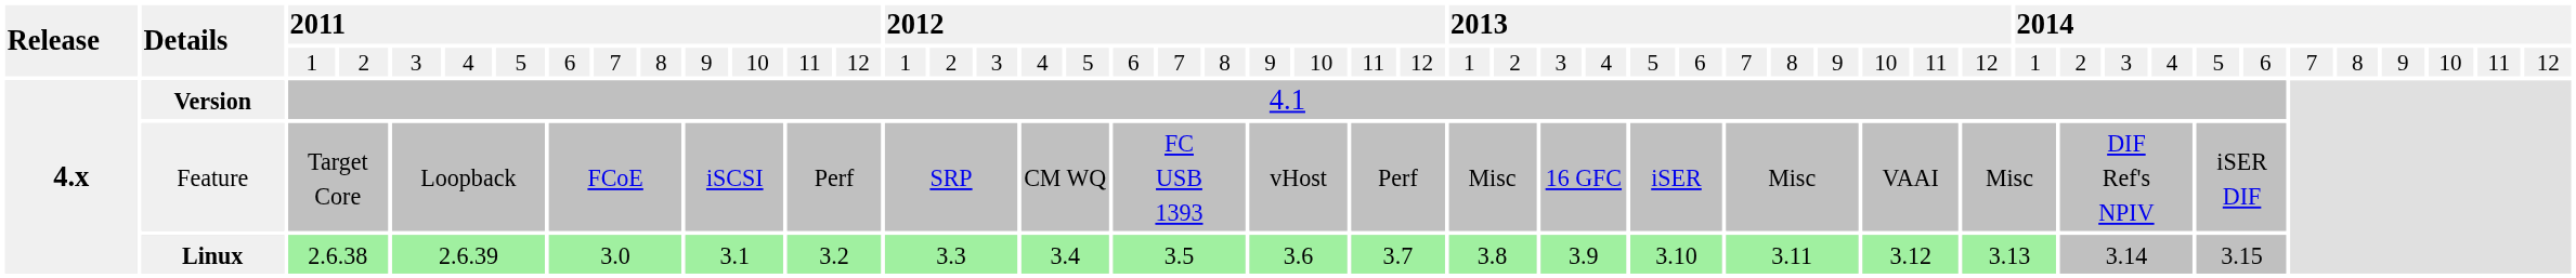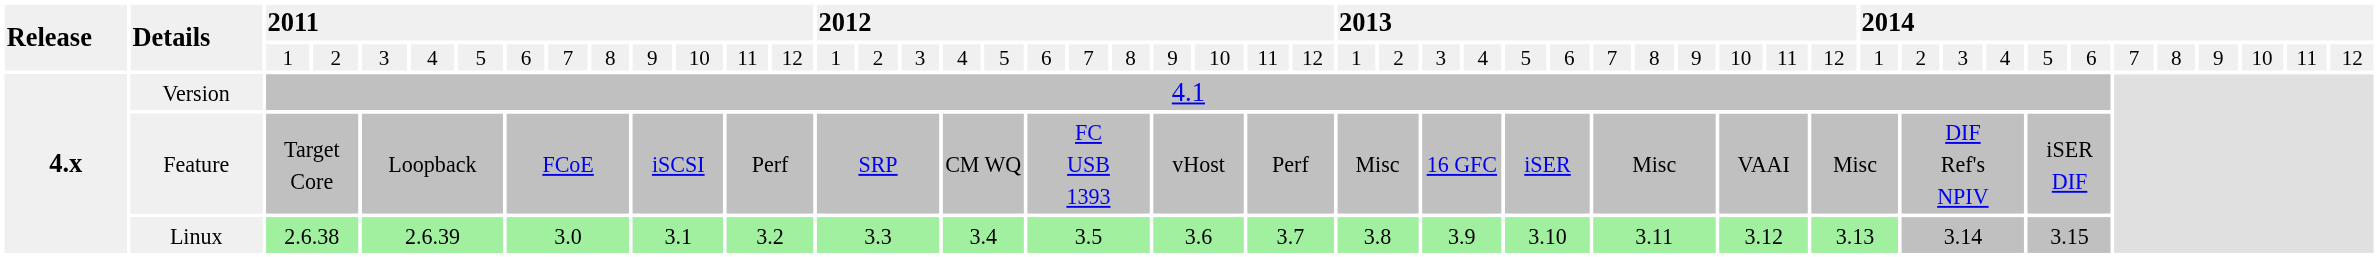 <table style="font-size:88%; width:100%;">
 <tr style="background:#f0f0f0;">
 <td rowspan="2" style="width:2%;"><strong>Release</strong></td>
 <td rowspan="2" style="width:3%;"><strong>Details</strong></td>
 <td colspan="12" style="width:19%;"><strong>2011</strong></td>
 <td colspan="12" style="width:19%;"><strong>2012</strong></td>
 <td colspan="12" style="width:19%;"><strong>2013</strong></td>
 <td colspan="12" style="width:19%;"><strong>2014</strong></td>
 </tr>
 <tr style="text-align:center; background:#f0f0f0; font-size:80%;">
 <td width=1%>1</td>
 <td width=1%>2</td>
 <td width=1%>3</td>
 <td width=1%>4</td>
 <td width=1%>5</td>
 <td width=1%>6</td>
 <td width=1%>7</td>
 <td width=1%>8</td>
 <td width=1%>9</td>
 <td width=1%>10</td>
 <td width=1%>11</td>
 <td width=1%>12</td>
 <td width=1%>1</td>
 <td width=1%>2</td>
 <td width=1%>3</td>
 <td width=1%>4</td>
 <td width=1%>5</td>
 <td width=1%>6</td>
 <td width=1%>7</td>
 <td width=1%>8</td>
 <td width=1%>9</td>
 <td width=1%>10</td>
 <td width=1%>11</td>
 <td width=1%>12</td>
 <td width=1%>1</td>
 <td width=1%>2</td>
 <td width=1%>3</td>
 <td width=1%>4</td>
 <td width=1%>5</td>
 <td width=1%>6</td>
 <td width=1%>7</td>
 <td width=1%>8</td>
 <td width=1%>9</td>
 <td width=1%>10</td>
 <td width=1%>11</td>
 <td width=1%>12</td>
 <td width=1%>1</td>
 <td width=1%>2</td>
 <td width=1%>3</td>
 <td width=1%>4</td>
 <td width=1%>5</td>
 <td width=1%>6</td>
 <td width=1%>7</td>
 <td width=1%>8</td>
 <td width=1%>9</td>
 <td width=1%>10</td>
 <td width=1%>11</td>
 <td width=1%>12<br></td>
 </tr>
 <tr style="background:#e0e0e0; text-align:center;">
 <td rowspan="3" style="background:#f0f0f0;"><strong>4.x</strong><br></td>
-<td style="background:#f0f0f0;"><strong><small>Version</small><br></strong></td>
+<td style="background:#f0f0f0;"><small>Version</small><br></td>
 <td colspan="42" style="background:silver;"><a href='#'>4.1</a><br></td>
 <td rowspan=3 colspan=14></td>
 </tr>
 <tr style="background:#e0e0e0; text-align:center;">
 <td style="background:#f0f0f0;"><small>Feature</small></td>
 <td colspan="2" style="background:silver;"><small>Target Core</small></td>
 <td colspan="3" style="background:silver;"><small>Loopback</small></td>
 <td colspan="3" style="background:silver;"><small><a href='#'>FCoE</a></small></td>
 <td colspan="2" style="background:silver;"><small><a href='#'>iSCSI</a></small></td>
 <td colspan="2" style="background:silver;"><small>Perf</small></td>
 <td colspan="3" style="background:silver;"><small><a href='#'>SRP</a><br></small></td>
 <td colspan="2" style="background:silver;"><small>CM WQ</small></td>
 <td colspan="3" style="background:silver;"><small><a href='#'>FC</a><br><a href='#'>USB</a><br><a href='#'>1393</a></small></td>
 <td colspan="2" style="background:silver;"><small>vHost</small></td>
 <td colspan="2" style="background:silver;"><small>Perf</small></td>
 <td colspan="2" style="background:silver;"><small>Misc</small></td>
 <td colspan="2" style="background:silver;"><small><a href='#'>16 GFC</a></small></td>
 <td colspan="2" style="background:silver;"><small><a href='#'>iSER</a></small></td>
 <td colspan="3" style="background:silver;"><small>Misc</small></td>
 <td colspan="2" style="background:silver;"><small>VAAI</small></td>
 <td colspan="2" style="background:silver;"><small>Misc</small></td>
 <td colspan="3" style="background:silver;"><small><a href='#'>DIF</a><br>Ref's<br><a href='#'>NPIV</a></small></td>
 <td colspan="2" style="background:silver;"><small>iSER <a href='#'>DIF</a></small></td>
 </tr>
 <tr style="background:#e0e0e0; text-align:center;">
-<td style="background:#f0f0f0;"><strong><small>Linux</small></strong></td>
+<td style="background:#f0f0f0;"><small>Linux</small></td>
 <td colspan="2" style="background:#a0f0a0;"><small>2.6.38</small></td>
 <td colspan="3" style="background:#a0f0a0;"><small>2.6.39</small></td>
 <td colspan="3" style="background:#a0f0a0;"><small>3.0</small></td>
 <td colspan="2" style="background:#a0f0a0;"><small>3.1</small></td>
 <td colspan="2" style="background:#a0f0a0;"><small>3.2</small></td>
 <td colspan="3" style="background:#a0f0a0;"><small>3.3</small></td>
 <td colspan="2" style="background:#a0f0a0;"><small>3.4</small></td>
 <td colspan="3" style="background:#a0f0a0;"><small>3.5</small></td>
 <td colspan="2" style="background:#a0f0a0;"><small>3.6</small></td>
 <td colspan="2" style="background:#a0f0a0;"><small>3.7</small></td>
 <td colspan="2" style="background:#a0f0a0;"><small>3.8</small></td>
 <td colspan="2" style="background:#a0f0a0;"><small>3.9</small></td>
 <td colspan="2" style="background:#a0f0a0;"><small>3.10</small></td>
 <td colspan="3" style="background:#a0f0a0;"><small>3.11</small></td>
 <td colspan="2" style="background:#a0f0a0;"><small>3.12</small></td>
 <td colspan="2" style="background:#a0f0a0;"><small>3.13</small></td>
 <td colspan="3" style="background:silver;"><small>3.14</small></td>
 <td colspan="2" style="background:silver;"><small>3.15</small></td>
 </tr>
 </table>
